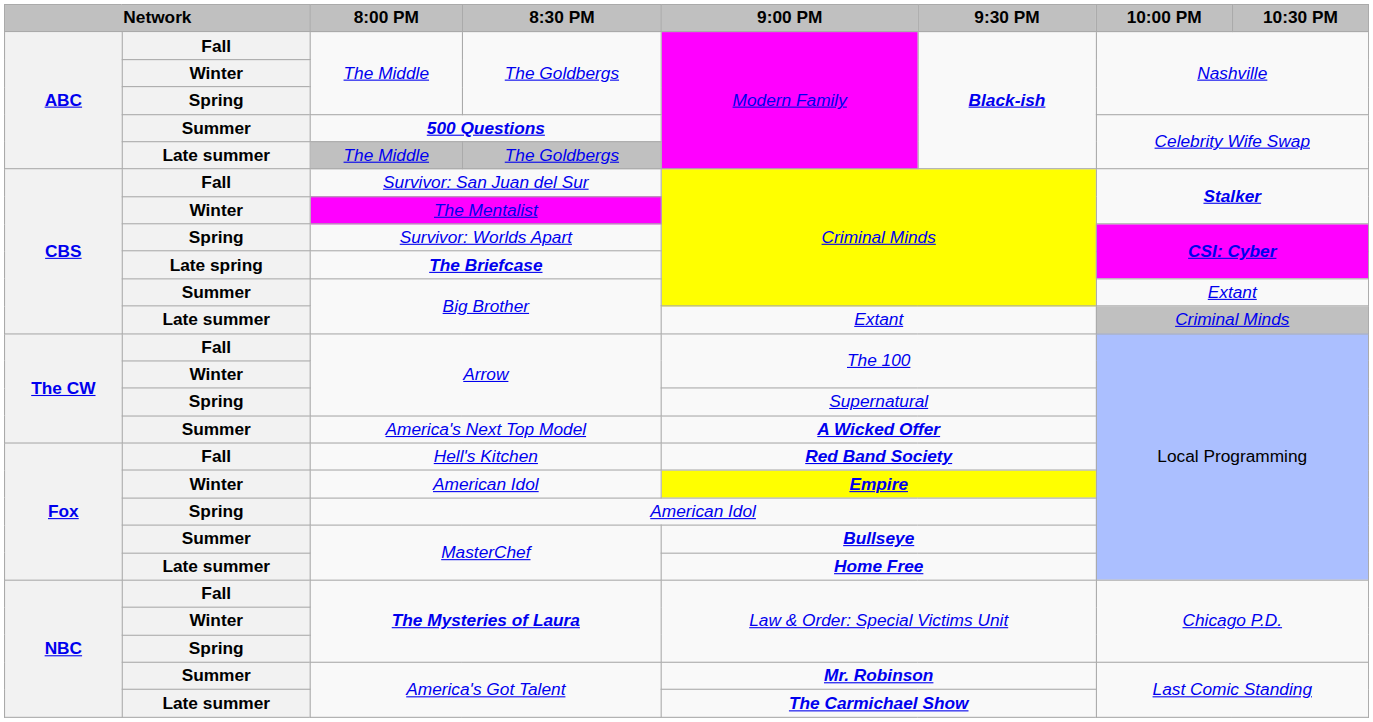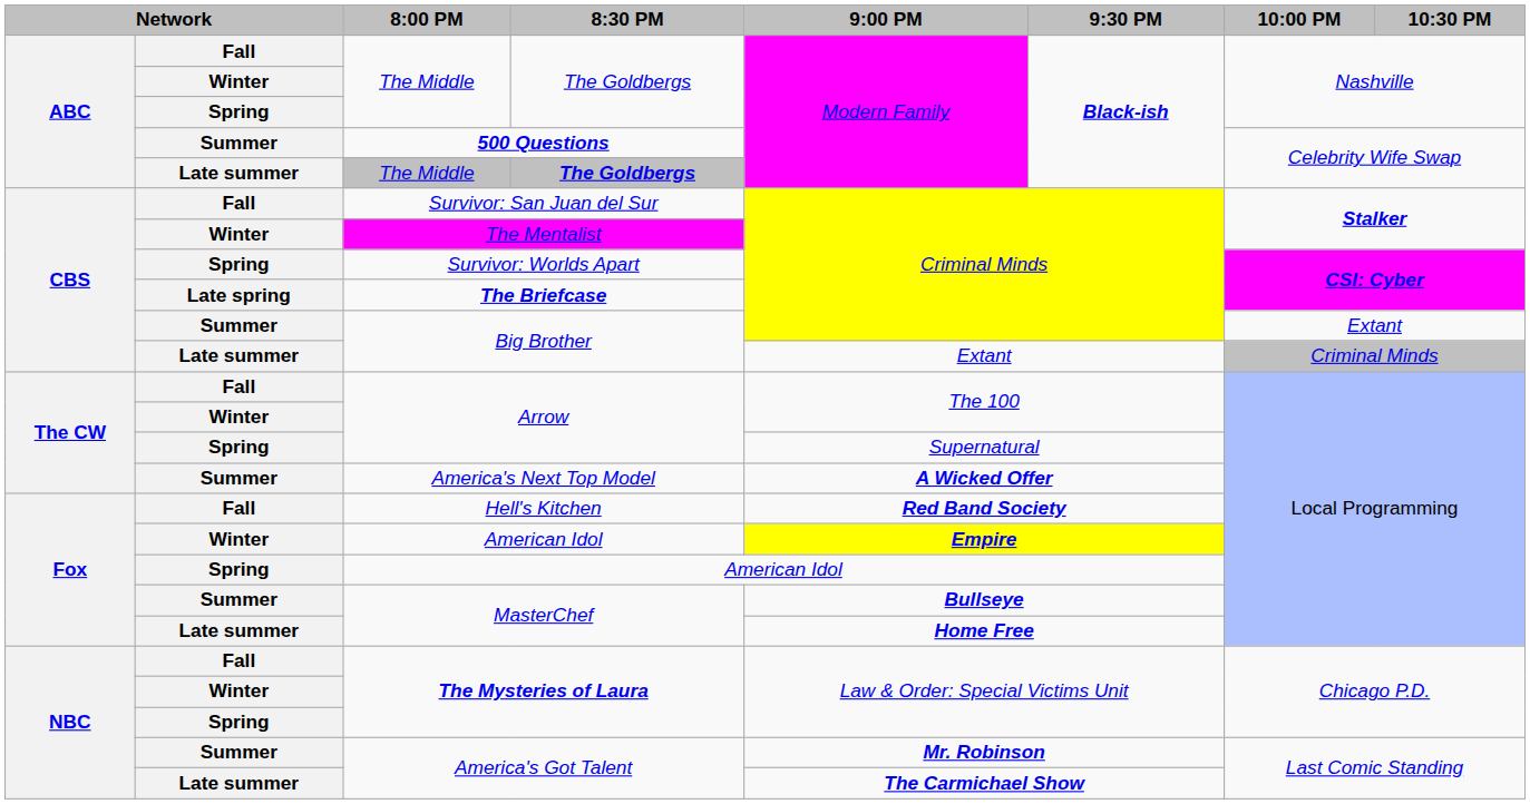 <table class="wikitable" style="width:100%;margin-right:0;text-align:center">
 <tr>
 <th colspan="2" style="background-color:#C0C0C0;text-align:center">Network</th>
 <th style="background-color:#C0C0C0;text-align:center">8:00 PM</th>
 <th style="background-color:#C0C0C0;text-align:center">8:30 PM</th>
 <th style="background-color:#C0C0C0;text-align:center">9:00 PM</th>
 <th style="background-color:#C0C0C0;text-align:center">9:30 PM</th>
 <th style="background-color:#C0C0C0;text-align:center">10:00 PM</th>
 <th style="background-color:#C0C0C0;text-align:center">10:30 PM</th>
 </tr>
 <tr>
 <th rowspan="5"><a href='#'>ABC</a></th>
 <th>Fall</th>
 <td rowspan="3"><em><a href='#'>The Middle</a></em></td>
 <td rowspan="3"><em><a href='#'>The Goldbergs</a></em></td>
 <td style="background:#FF00FF;" rowspan="5"><em><a href='#'>Modern Family</a></em> </td>
 <td rowspan="5"><strong><em><a href='#'>Black-ish</a></em></strong></td>
 <td rowspan="3" colspan="2"><em><a href='#'>Nashville</a></em></td>
 </tr>
 <tr>
 <th>Winter</th>
 </tr>
 <tr>
 <th>Spring</th>
 </tr>
 <tr>
 <th>Summer</th>
 <td colspan="2"><strong><em><a href='#'>500 Questions</a></em></strong></td>
 <td rowspan="2" colspan="2"><em><a href='#'>Celebrity Wife Swap</a></em></td>
 </tr>
 <tr>
 <th>Late summer</th>
 <td style="background-color:#C0C0C0"><em><a href='#'>The Middle</a></em> </td>
-<td style="background-color:#C0C0C0"><em><a href='#'>The Goldbergs</a></em> </td>
+<td style="background-color:#C0C0C0"><strong><em><a href='#'>The Goldbergs</a></em> </strong></td>
 </tr>
 <tr>
 <th rowspan="6"><a href='#'>CBS</a></th>
 <th>Fall</th>
 <td colspan="2"><em><a href='#'>Survivor: San Juan del Sur</a></em></td>
 <td style="background:#FFFF00;" rowspan="5" colspan="2"><em><a href='#'>Criminal Minds</a></em> </td>
 <td rowspan="2" colspan="2"><strong><em><a href='#'>Stalker</a></em></strong></td>
 </tr>
 <tr>
 <th>Winter</th>
 <td style="background:#FF00FF;" colspan="2"><em><a href='#'>The Mentalist</a></em> </td>
 </tr>
 <tr>
 <th>Spring</th>
 <td colspan="2"><em><a href='#'>Survivor: Worlds Apart</a></em></td>
 <td style="background:#FF00FF;" rowspan="2" colspan="2"><strong><em><a href='#'>CSI: Cyber</a></em></strong> </td>
 </tr>
 <tr>
 <th>Late spring</th>
 <td colspan="2"><strong><em><a href='#'>The Briefcase</a></em></strong></td>
 </tr>
 <tr>
 <th>Summer</th>
 <td colspan="2" rowspan="2"><em><a href='#'>Big Brother</a></em></td>
 <td colspan="2"><em><a href='#'>Extant</a></em></td>
 </tr>
 <tr>
 <th>Late summer</th>
 <td colspan="2"><em><a href='#'>Extant</a></em></td>
 <td colspan="2" style="background-color:#C0C0C0"><em><a href='#'>Criminal Minds</a></em> </td>
 </tr>
 <tr>
 <th rowspan="4"><a href='#'>The CW</a></th>
 <th>Fall</th>
 <td colspan="2" rowspan="3"><em><a href='#'>Arrow</a></em></td>
 <td colspan="2" rowspan="2"><em><a href='#'>The 100</a></em></td>
 <td style="background:#abbfff;" colspan="2" rowspan="9">Local Programming</td>
 </tr>
 <tr>
 <th>Winter</th>
 </tr>
 <tr>
 <th>Spring</th>
 <td colspan="2"><em><a href='#'>Supernatural</a></em></td>
 </tr>
 <tr>
 <th>Summer</th>
 <td colspan="2"><em><a href='#'>America's Next Top Model</a></em></td>
 <td colspan="2"><strong><em><a href='#'>A Wicked Offer</a></em></strong></td>
 </tr>
 <tr>
 <th rowspan="5"><a href='#'>Fox</a></th>
 <th>Fall</th>
 <td colspan="2"><em><a href='#'>Hell's Kitchen</a></em></td>
 <td colspan="2"><strong><em><a href='#'>Red Band Society</a></em></strong></td>
 </tr>
 <tr>
 <th>Winter</th>
 <td colspan="2"><em><a href='#'>American Idol</a></em></td>
 <td style="background:#FFFF00;" colspan="2"><strong><em><a href='#'>Empire</a></em></strong> </td>
 </tr>
 <tr>
 <th>Spring</th>
 <td colspan="4"><em><a href='#'>American Idol</a></em></td>
 </tr>
 <tr>
 <th>Summer</th>
 <td colspan="2" rowspan="2"><em><a href='#'>MasterChef</a></em></td>
 <td colspan="2"><strong><em><a href='#'>Bullseye</a></em></strong></td>
 </tr>
 <tr>
 <th>Late summer</th>
 <td colspan="2"><strong><em><a href='#'>Home Free</a></em></strong></td>
 </tr>
 <tr>
 <th rowspan="5"><a href='#'>NBC</a></th>
 <th>Fall</th>
 <td rowspan="3" colspan="2"><strong><em><a href='#'>The Mysteries of Laura</a></em></strong></td>
 <td rowspan="3" colspan="2"><em><a href='#'>Law & Order: Special Victims Unit</a></em></td>
 <td rowspan="3" colspan="2"><em><a href='#'>Chicago P.D.</a></em></td>
 </tr>
 <tr>
 <th>Winter</th>
 </tr>
 <tr>
 <th>Spring</th>
 </tr>
 <tr>
 <th>Summer</th>
 <td rowspan="2" colspan="2"><em><a href='#'>America's Got Talent</a></em></td>
 <td colspan="2"><strong><em><a href='#'>Mr. Robinson</a></em></strong></td>
 <td rowspan="2" colspan="2"><em><a href='#'>Last Comic Standing</a></em></td>
 </tr>
 <tr>
 <th>Late summer</th>
 <td colspan="2"><strong><em><a href='#'>The Carmichael Show</a></em></strong></td>
 </tr>
 </table>
